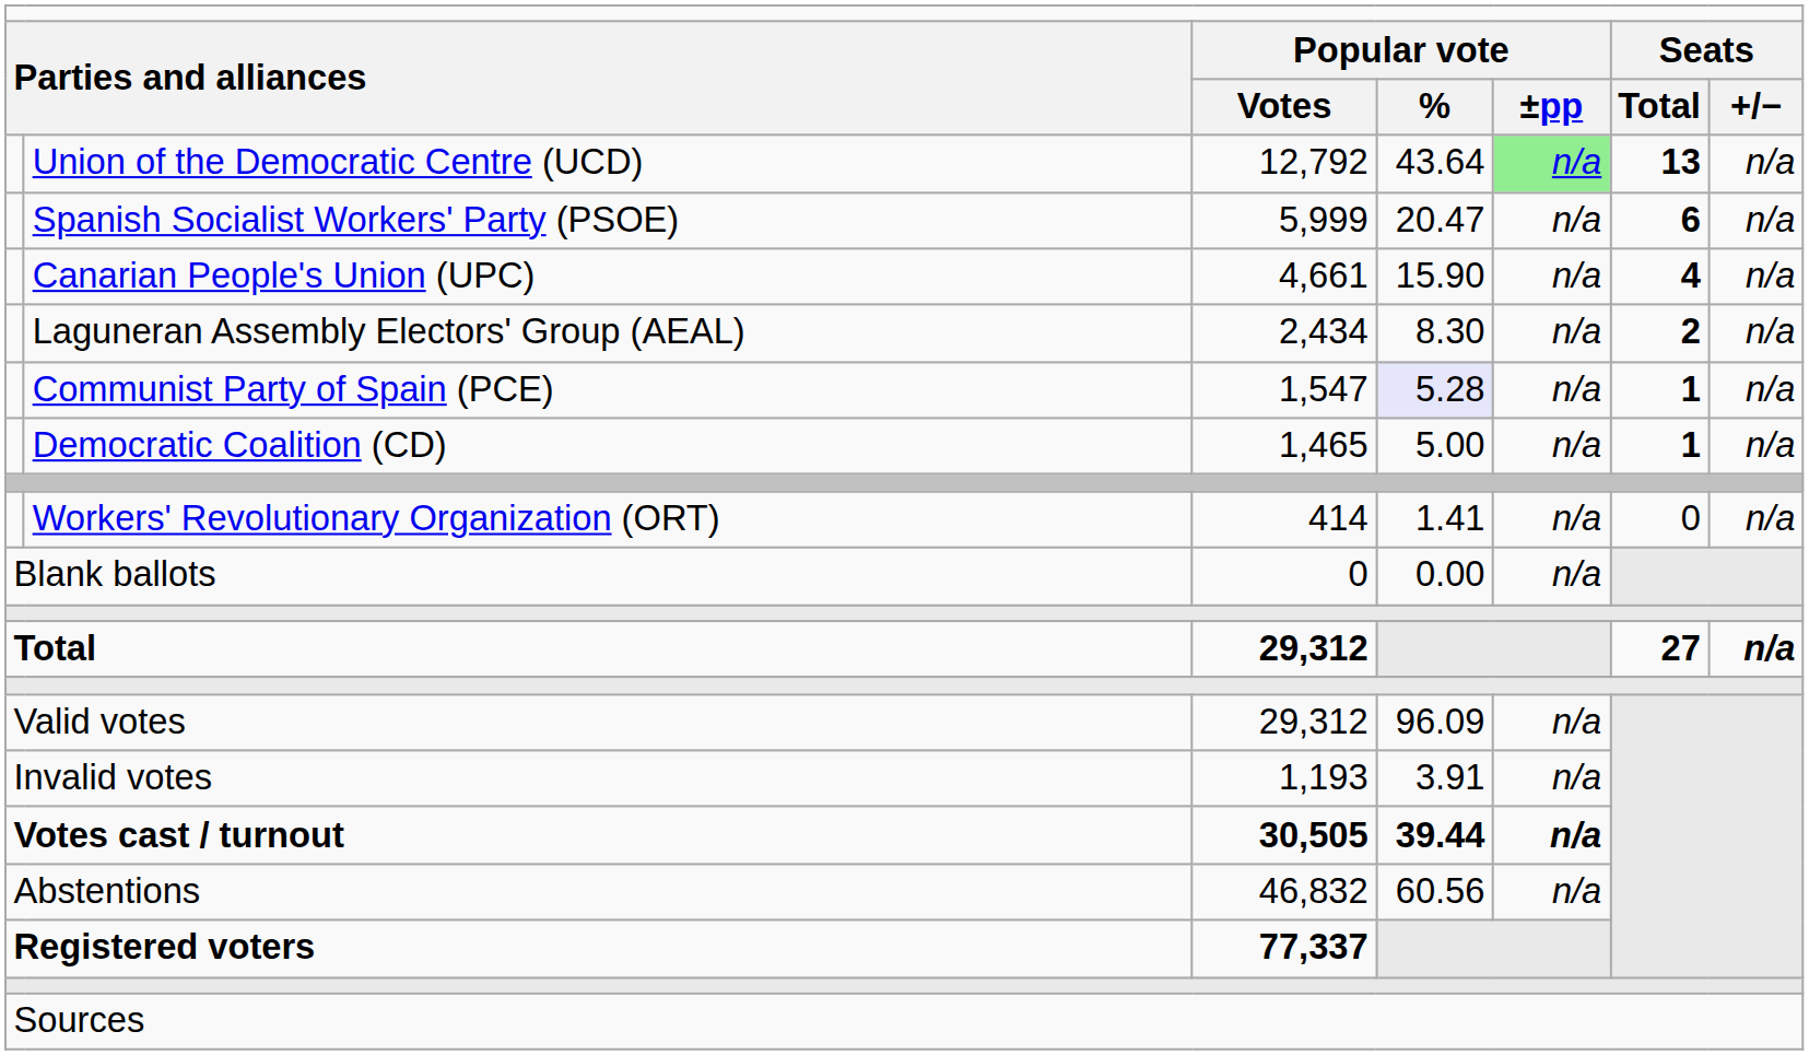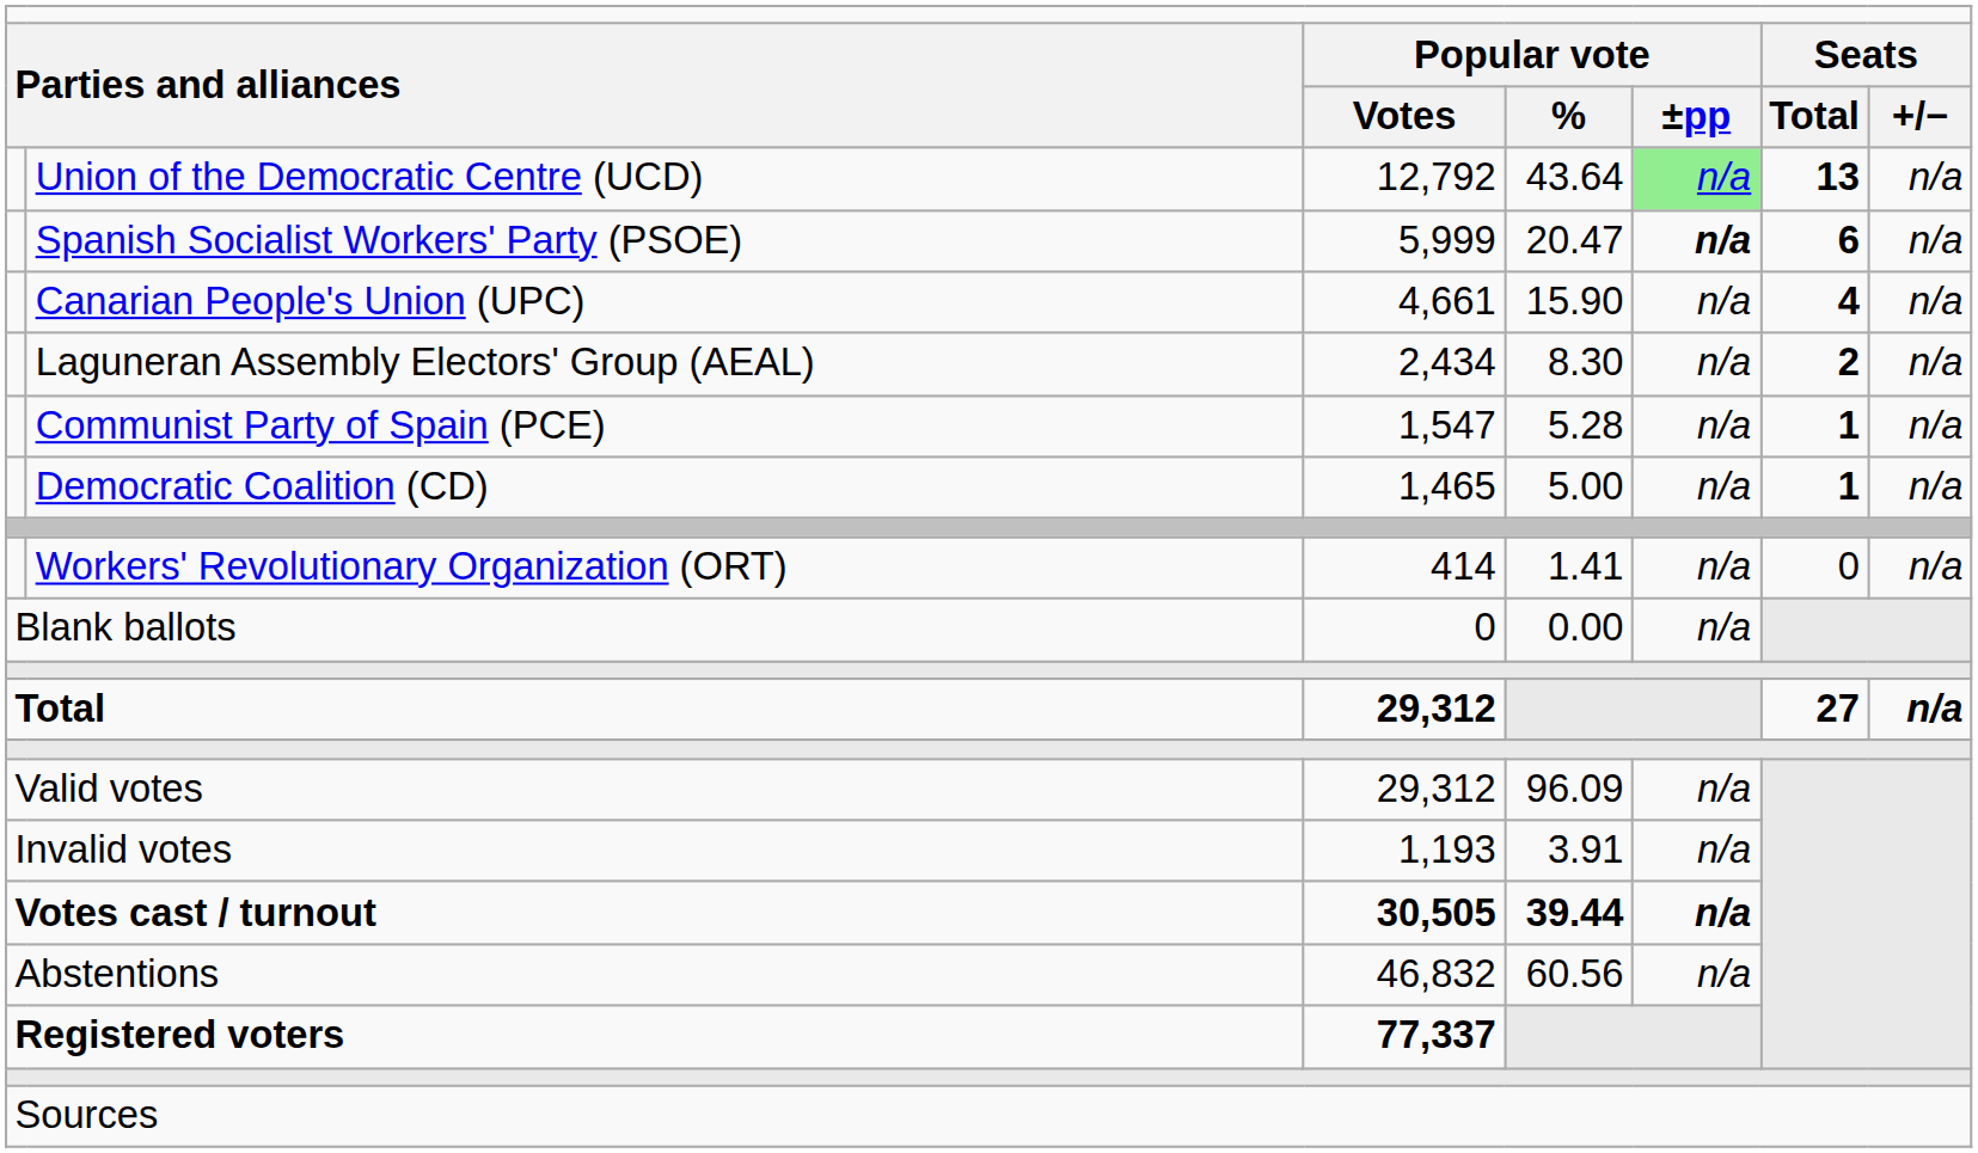 <table class="wikitable" style="text-align:right;">
 <tr>
 <td colspan="7"></td>
 </tr>
 <tr>
 <th style="text-align:left;" rowspan="2" colspan="2" width="525">Parties and alliances</th>
 <th colspan="3">Popular vote</th>
 <th colspan="2">Seats</th>
 </tr>
 <tr>
 <th width="75">Votes</th>
 <th width="45">%</th>
 <th width="45">±<a href='#'>pp</a></th>
 <th width="35">Total</th>
 <th width="35">+/−</th>
 </tr>
 <tr>
 <td width="1" style="color:inherit;background:"></td>
 <td align="left"><a href='#'>Union of the Democratic Centre</a> (UCD)</td>
 <td>12,792</td>
 <td>43.64</td>
 <td style="background: lightgreen;"><em><a href='#'>n/a</a></em></td>
 <td><strong>13</strong></td>
 <td><em>n/a</em></td>
 </tr>
 <tr>
 <td style="color:inherit;background:"></td>
 <td align="left"><a href='#'>Spanish Socialist Workers' Party</a> (PSOE)</td>
 <td>5,999</td>
 <td>20.47</td>
-<td><em>n/a</em></td>
+<td><strong><em>n/a</em></strong></td>
 <td><strong>6</strong></td>
 <td><em>n/a</em></td>
 </tr>
 <tr>
 <td style="color:inherit;background:"></td>
 <td align="left"><a href='#'>Canarian People's Union</a> (UPC)</td>
 <td>4,661</td>
 <td>15.90</td>
 <td><em>n/a</em></td>
 <td><strong>4</strong></td>
 <td><em>n/a</em></td>
 </tr>
 <tr>
 <td style="color:inherit;background:"></td>
 <td align="left">Laguneran Assembly Electors' Group (AEAL)</td>
 <td>2,434</td>
 <td>8.30</td>
 <td><em>n/a</em></td>
 <td><strong>2</strong></td>
 <td><em>n/a</em></td>
 </tr>
 <tr>
 <td style="color:inherit;background:"></td>
 <td align="left"><a href='#'>Communist Party of Spain</a> (PCE)</td>
 <td>1,547</td>
-<td style="background: lavender;">5.28</td>
+<td>5.28</td>
 <td><em>n/a</em></td>
 <td><strong>1</strong></td>
 <td><em>n/a</em></td>
 </tr>
 <tr>
 <td style="color:inherit;background:"></td>
 <td align="left"><a href='#'>Democratic Coalition</a> (CD)</td>
 <td>1,465</td>
 <td>5.00</td>
 <td><em>n/a</em></td>
 <td><strong>1</strong></td>
 <td><em>n/a</em></td>
 </tr>
 <tr>
 <td colspan="7" bgcolor="#C0C0C0"></td>
 </tr>
 <tr>
 <td style="color:inherit;background:"></td>
 <td align="left"><a href='#'>Workers' Revolutionary Organization</a> (ORT)</td>
 <td>414</td>
 <td>1.41</td>
 <td><em>n/a</em></td>
 <td>0</td>
 <td><em>n/a</em></td>
 </tr>
 <tr>
 <td align="left" colspan="2">Blank ballots</td>
 <td>0</td>
 <td>0.00</td>
 <td><em>n/a</em></td>
 <td bgcolor="#E9E9E9" colspan="2"></td>
 </tr>
 <tr>
 <td colspan="7" bgcolor="#E9E9E9"></td>
 </tr>
 <tr style="font-weight:bold;">
 <td align="left" colspan="2">Total</td>
 <td>29,312</td>
 <td bgcolor="#E9E9E9" colspan="2"></td>
 <td>27</td>
 <td><em>n/a</em></td>
 </tr>
 <tr>
 <td colspan="7" bgcolor="#E9E9E9"></td>
 </tr>
 <tr>
 <td align="left" colspan="2">Valid votes</td>
 <td>29,312</td>
 <td>96.09</td>
 <td><em>n/a</em></td>
 <td bgcolor="#E9E9E9" colspan="2" rowspan="5"></td>
 </tr>
 <tr>
 <td align="left" colspan="2">Invalid votes</td>
 <td>1,193</td>
 <td>3.91</td>
 <td><em>n/a</em></td>
 </tr>
 <tr style="font-weight:bold;">
 <td align="left" colspan="2">Votes cast / turnout</td>
 <td>30,505</td>
 <td>39.44</td>
 <td><em>n/a</em></td>
 </tr>
 <tr>
 <td align="left" colspan="2">Abstentions</td>
 <td>46,832</td>
 <td>60.56</td>
 <td><em>n/a</em></td>
 </tr>
 <tr style="font-weight:bold;">
 <td align="left" colspan="2">Registered voters</td>
 <td>77,337</td>
 <td bgcolor="#E9E9E9" colspan="2"></td>
 </tr>
 <tr>
 <td colspan="7" bgcolor="#E9E9E9"></td>
 </tr>
 <tr>
 <td align="left" colspan="7">Sources</td>
 </tr>
 </table>
